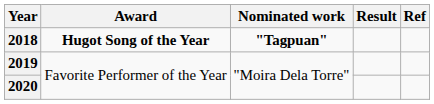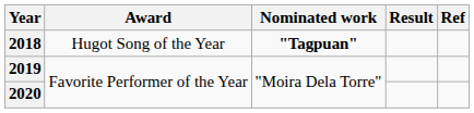 <table class="wikitable sortable" style=text-align:center>
 <tr>
 <th>Year</th>
 <th>Award</th>
 <th>Nominated work</th>
 <th>Result</th>
 <th>Ref</th>
 </tr>
 <tr>
 <th>2018</th>
-<td><strong>Hugot Song of the Year</strong></td>
+<td>Hugot Song of the Year</td>
 <td align=center><strong>"Tagpuan"</strong></td>
 <td></td>
 <td></td>
 </tr>
 <tr>
 <th>2019</th>
 <td rowspan="2">Favorite Performer of the Year</td>
 <td align=center rowspan="2">"Moira Dela Torre"</td>
 <td></td>
 <td></td>
 </tr>
 <tr>
 <th>2020</th>
 <td></td>
 <td></td>
 </tr>
 </table>
